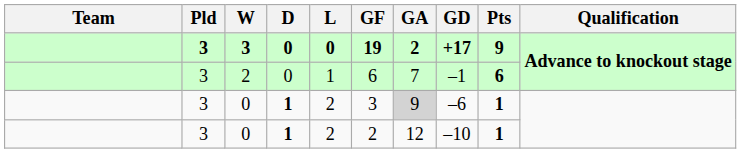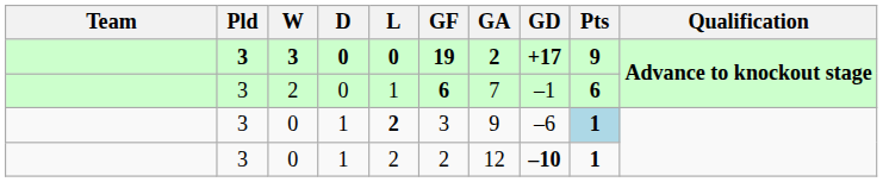 <table class="wikitable" style="text-align:center;">
 <tr>
 <th width=150>Team</th>
 <th width=30>Pld</th>
 <th width=30>W</th>
 <th width=30>D</th>
 <th width=30>L</th>
 <th width=30>GF</th>
 <th width=30>GA</th>
 <th width=30>GD</th>
 <th width=30>Pts</th>
 <th>Qualification</th>
 </tr>
 <tr bgcolor=#ccffcc>
 <td align=left><strong></strong></td>
 <td><strong>3</strong></td>
 <td><strong>3</strong></td>
 <td><strong>0</strong></td>
 <td><strong>0</strong></td>
 <td><strong>19</strong></td>
 <td><strong>2</strong></td>
 <td><strong>+17</strong></td>
 <td><strong>9</strong></td>
 <td rowspan=2><strong>Advance to knockout stage</strong></td>
 </tr>
 <tr bgcolor=#ccffcc>
 <td align=left></td>
 <td>3</td>
 <td>2</td>
 <td>0</td>
 <td>1</td>
-<td>6</td>
+<td><strong>6</strong></td>
 <td>7</td>
 <td>–1</td>
 <td><strong>6</strong></td>
 </tr>
 <tr>
 <td align=left></td>
 <td>3</td>
 <td>0</td>
-<td><strong>1</strong></td>
-<td>2</td>
+<td>1</td>
+<td><strong>2</strong></td>
 <td>3</td>
-<td style="background: lightgrey;">9</td>
+<td>9</td>
 <td>–6</td>
-<td><strong>1</strong></td>
+<td style="background: lightblue;"><strong>1</strong></td>
 <td rowspan=2></td>
 </tr>
 <tr>
 <td align=left></td>
 <td>3</td>
 <td>0</td>
-<td><strong>1</strong></td>
+<td>1</td>
 <td>2</td>
 <td>2</td>
 <td>12</td>
-<td>–10</td>
+<td><strong>–10</strong></td>
 <td><strong>1</strong></td>
 </tr>
 </table>
